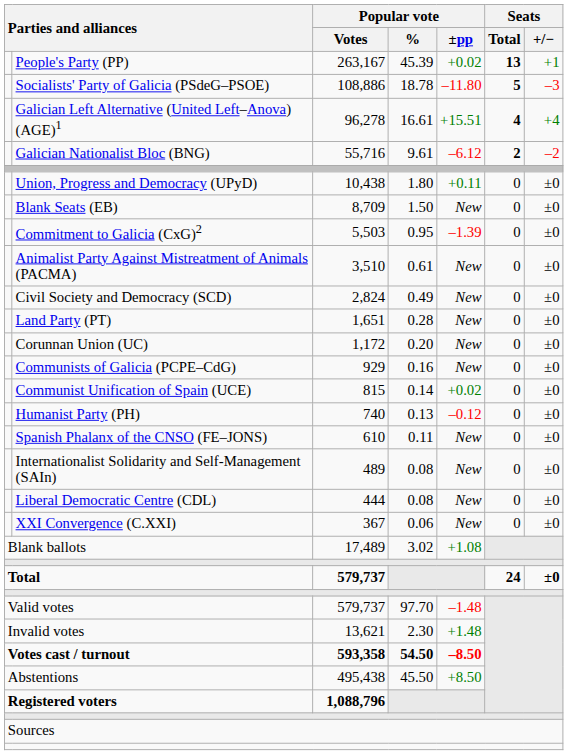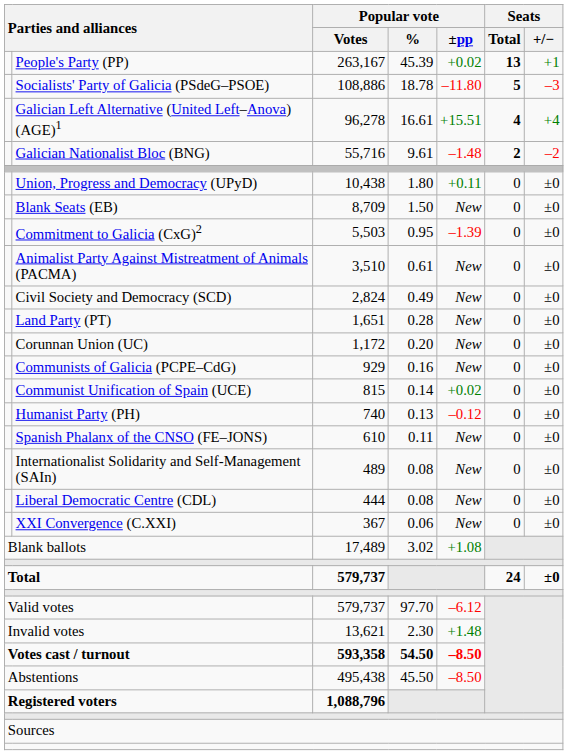 <table class="wikitable" style="text-align:right;">
 <tr>
 <th style="text-align:left;" rowspan="2" colspan="2" width="525">Parties and alliances</th>
 <th colspan="3">Popular vote</th>
 <th colspan="2">Seats</th>
 </tr>
 <tr>
 <th width="75">Votes</th>
 <th width="45">%</th>
 <th width="45">±<a href='#'>pp</a></th>
 <th width="35">Total</th>
 <th width="35">+/−</th>
 </tr>
 <tr>
 <td width="1" style="color:inherit;background:"></td>
 <td align="left"><a href='#'>People's Party</a> (PP)</td>
 <td>263,167</td>
 <td>45.39</td>
 <td style="color:green;">+0.02</td>
 <td><strong>13</strong></td>
 <td style="color:green;">+1</td>
 </tr>
 <tr>
 <td style="color:inherit;background:"></td>
 <td align="left"><a href='#'>Socialists' Party of Galicia</a> (PSdeG–PSOE)</td>
 <td>108,886</td>
 <td>18.78</td>
 <td style="color:red;">–11.80</td>
 <td><strong>5</strong></td>
 <td style="color:red;">–3</td>
 </tr>
 <tr>
 <td style="color:inherit;background:"></td>
 <td align="left"><a href='#'>Galician Left Alternative</a> (<a href='#'>United Left</a>–<a href='#'>Anova</a>) (AGE)<sup>1</sup></td>
 <td>96,278</td>
 <td>16.61</td>
 <td style="color:green;">+15.51</td>
 <td><strong>4</strong></td>
 <td style="color:green;">+4</td>
 </tr>
 <tr>
 <td style="color:inherit;background:"></td>
 <td align="left"><a href='#'>Galician Nationalist Bloc</a> (BNG)</td>
 <td>55,716</td>
 <td>9.61</td>
-<td style="color:red;">–6.12</td>
+<td style="color:red;">–1.48</td>
 <td><strong>2</strong></td>
 <td style="color:red;">–2</td>
 </tr>
 <tr>
 <td colspan="7" bgcolor="#C0C0C0"></td>
 </tr>
 <tr>
 <td style="color:inherit;background:"></td>
 <td align="left"><a href='#'>Union, Progress and Democracy</a> (UPyD)</td>
 <td>10,438</td>
 <td>1.80</td>
 <td style="color:green;">+0.11</td>
 <td>0</td>
 <td>±0</td>
 </tr>
 <tr>
 <td style="color:inherit;background:"></td>
 <td align="left"><a href='#'>Blank Seats</a> (EB)</td>
 <td>8,709</td>
 <td>1.50</td>
 <td><em>New</em></td>
 <td>0</td>
 <td>±0</td>
 </tr>
 <tr>
 <td style="color:inherit;background:"></td>
 <td align="left"><a href='#'>Commitment to Galicia</a> (CxG)<sup>2</sup></td>
 <td>5,503</td>
 <td>0.95</td>
 <td style="color:red;">–1.39</td>
 <td>0</td>
 <td>±0</td>
 </tr>
 <tr>
 <td style="color:inherit;background:"></td>
 <td align="left"><a href='#'>Animalist Party Against Mistreatment of Animals</a> (PACMA)</td>
 <td>3,510</td>
 <td>0.61</td>
 <td><em>New</em></td>
 <td>0</td>
 <td>±0</td>
 </tr>
 <tr>
 <td style="color:inherit;background:"></td>
 <td align="left">Civil Society and Democracy (SCD)</td>
 <td>2,824</td>
 <td>0.49</td>
 <td><em>New</em></td>
 <td>0</td>
 <td>±0</td>
 </tr>
 <tr>
 <td style="color:inherit;background:"></td>
 <td align="left"><a href='#'>Land Party</a> (PT)</td>
 <td>1,651</td>
 <td>0.28</td>
 <td><em>New</em></td>
 <td>0</td>
 <td>±0</td>
 </tr>
 <tr>
 <td style="color:inherit;background:"></td>
 <td align="left">Corunnan Union (UC)</td>
 <td>1,172</td>
 <td>0.20</td>
 <td><em>New</em></td>
 <td>0</td>
 <td>±0</td>
 </tr>
 <tr>
 <td style="color:inherit;background:"></td>
 <td align="left"><a href='#'>Communists of Galicia</a> (PCPE–CdG)</td>
 <td>929</td>
 <td>0.16</td>
 <td><em>New</em></td>
 <td>0</td>
 <td>±0</td>
 </tr>
 <tr>
 <td style="color:inherit;background:"></td>
 <td align="left"><a href='#'>Communist Unification of Spain</a> (UCE)</td>
 <td>815</td>
 <td>0.14</td>
 <td style="color:green;">+0.02</td>
 <td>0</td>
 <td>±0</td>
 </tr>
 <tr>
 <td style="color:inherit;background:"></td>
 <td align="left"><a href='#'>Humanist Party</a> (PH)</td>
 <td>740</td>
 <td>0.13</td>
 <td style="color:red;">–0.12</td>
 <td>0</td>
 <td>±0</td>
 </tr>
 <tr>
 <td style="color:inherit;background:"></td>
 <td align="left"><a href='#'>Spanish Phalanx of the CNSO</a> (FE–JONS)</td>
 <td>610</td>
 <td>0.11</td>
 <td><em>New</em></td>
 <td>0</td>
 <td>±0</td>
 </tr>
 <tr>
 <td style="color:inherit;background:"></td>
 <td align="left">Internationalist Solidarity and Self-Management (SAIn)</td>
 <td>489</td>
 <td>0.08</td>
 <td><em>New</em></td>
 <td>0</td>
 <td>±0</td>
 </tr>
 <tr>
 <td style="color:inherit;background:"></td>
 <td align="left"><a href='#'>Liberal Democratic Centre</a> (CDL)</td>
 <td>444</td>
 <td>0.08</td>
 <td><em>New</em></td>
 <td>0</td>
 <td>±0</td>
 </tr>
 <tr>
 <td style="color:inherit;background:"></td>
 <td align="left"><a href='#'>XXI Convergence</a> (C.XXI)</td>
 <td>367</td>
 <td>0.06</td>
 <td><em>New</em></td>
 <td>0</td>
 <td>±0</td>
 </tr>
 <tr>
 <td align="left" colspan="2">Blank ballots</td>
 <td>17,489</td>
 <td>3.02</td>
 <td style="color:green;">+1.08</td>
 <td bgcolor="#E9E9E9" colspan="2"></td>
 </tr>
 <tr>
 <td colspan="7" bgcolor="#E9E9E9"></td>
 </tr>
 <tr style="font-weight:bold;">
 <td align="left" colspan="2">Total</td>
 <td>579,737</td>
 <td bgcolor="#E9E9E9" colspan="2"></td>
 <td>24</td>
 <td>±0</td>
 </tr>
 <tr>
 <td colspan="7" bgcolor="#E9E9E9"></td>
 </tr>
 <tr>
 <td align="left" colspan="2">Valid votes</td>
 <td>579,737</td>
 <td>97.70</td>
-<td style="color:red;">–1.48</td>
+<td style="color:red;">–6.12</td>
 <td bgcolor="#E9E9E9" colspan="2" rowspan="5"></td>
 </tr>
 <tr>
 <td align="left" colspan="2">Invalid votes</td>
 <td>13,621</td>
 <td>2.30</td>
 <td style="color:green;">+1.48</td>
 </tr>
 <tr style="font-weight:bold;">
 <td align="left" colspan="2">Votes cast / turnout</td>
 <td>593,358</td>
 <td>54.50</td>
 <td style="color:red;">–8.50</td>
 </tr>
 <tr>
 <td align="left" colspan="2">Abstentions</td>
 <td>495,438</td>
 <td>45.50</td>
-<td style="color:green;">+8.50</td>
+<td style="color:red;">–8.50</td>
 </tr>
 <tr style="font-weight:bold;">
 <td align="left" colspan="2">Registered voters</td>
 <td>1,088,796</td>
 <td bgcolor="#E9E9E9" colspan="2"></td>
 </tr>
 <tr>
 <td colspan="7" bgcolor="#E9E9E9"></td>
 </tr>
 <tr>
 <td align="left" colspan="7">Sources</td>
 </tr>
 <tr>
 <td colspan="7" style="text-align:left; max-width:790px;"></td>
 </tr>
 </table>
